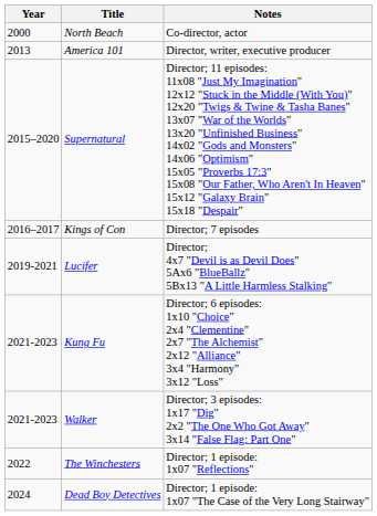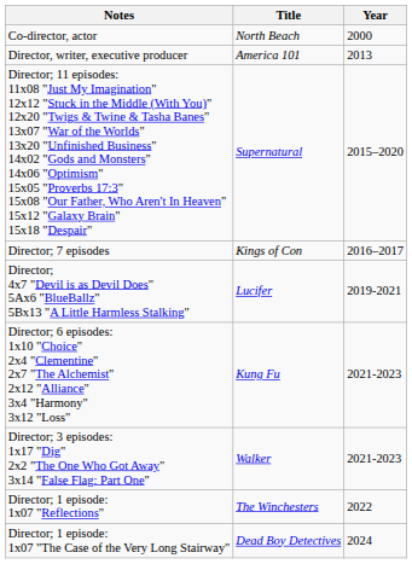 <table class = "wikitable sortable">
 <tr>
+<th class = "unsortable">Notes</th>
+<th>Title</th>
 <th>Year</th>
-<th>Title</th>
-<th class = "unsortable">Notes</th>
 </tr>
 <tr>
+<td>Co-director, actor</td>
+<td><em>North Beach</em></td>
 <td>2000</td>
-<td><em>North Beach</em></td>
-<td>Co-director, actor</td>
 </tr>
 <tr>
+<td>Director, writer, executive producer</td>
+<td><em>America 101</em></td>
 <td>2013</td>
-<td><em>America 101</em></td>
-<td>Director, writer, executive producer</td>
 </tr>
 <tr>
+<td>Director; 11 episodes:<br>11x08 "<a href='#'>Just My Imagination</a>" <br>12x12 "<a href='#'>Stuck in the Middle (With You)</a>" <br>12x20 "<a href='#'>Twigs & Twine & Tasha Banes</a>" <br>13x07 "<a href='#'>War of the Worlds</a>" <br>13x20 "<a href='#'>Unfinished Business</a>" <br>14x02 "<a href='#'>Gods and Monsters</a>" <br>14x06 "<a href='#'>Optimism</a>" <br>15x05 "<a href='#'>Proverbs 17:3</a>"<br>15x08 "<a href='#'>Our Father, Who Aren't In Heaven</a>"<br>15x12 "<a href='#'>Galaxy Brain</a>"  <br>15x18 "<a href='#'>Despair</a>"</td>
+<td><em><a href='#'>Supernatural</a></em></td>
 <td>2015–2020</td>
-<td><em><a href='#'>Supernatural</a></em></td>
-<td>Director; 11 episodes:<br>11x08 "<a href='#'>Just My Imagination</a>" <br>12x12 "<a href='#'>Stuck in the Middle (With You)</a>" <br>12x20 "<a href='#'>Twigs & Twine & Tasha Banes</a>" <br>13x07 "<a href='#'>War of the Worlds</a>" <br>13x20 "<a href='#'>Unfinished Business</a>" <br>14x02 "<a href='#'>Gods and Monsters</a>" <br>14x06 "<a href='#'>Optimism</a>" <br>15x05 "<a href='#'>Proverbs 17:3</a>"<br>15x08 "<a href='#'>Our Father, Who Aren't In Heaven</a>"<br>15x12 "<a href='#'>Galaxy Brain</a>"  <br>15x18 "<a href='#'>Despair</a>"</td>
 </tr>
 <tr>
+<td>Director; 7 episodes</td>
+<td><em>Kings of Con</em></td>
 <td>2016–2017</td>
-<td><em>Kings of Con</em></td>
-<td>Director; 7 episodes</td>
 </tr>
 <tr>
+<td>Director;  <br> 4x7 "<a href='#'>Devil is as Devil Does</a>" <br>5Ax6 "<a href='#'>BlueBallz</a>" <br>5Bx13 "<a href='#'>A Little Harmless Stalking</a>"</td>
+<td><em><a href='#'>Lucifer</a></em></td>
 <td>2019-2021</td>
-<td><em><a href='#'>Lucifer</a></em></td>
-<td>Director;  <br> 4x7 "<a href='#'>Devil is as Devil Does</a>" <br>5Ax6 "<a href='#'>BlueBallz</a>" <br>5Bx13 "<a href='#'>A Little Harmless Stalking</a>"</td>
 </tr>
 <tr>
+<td>Director; 6 episodes: <br>1x10 "<a href='#'>Choice</a>"<br>2x4 "<a href='#'>Clementine</a>"<br>2x7 "<a href='#'>The Alchemist</a>"<br>2x12 "<a href='#'>Alliance</a>"<br>3x4 "Harmony"<br>3x12 "Loss"</td>
+<td><em><a href='#'>Kung Fu</a></em></td>
 <td>2021-2023</td>
-<td><em><a href='#'>Kung Fu</a></em></td>
-<td>Director; 6 episodes: <br>1x10 "<a href='#'>Choice</a>"<br>2x4 "<a href='#'>Clementine</a>"<br>2x7 "<a href='#'>The Alchemist</a>"<br>2x12 "<a href='#'>Alliance</a>"<br>3x4 "Harmony"<br>3x12 "Loss"</td>
 </tr>
 <tr>
+<td>Director; 3 episodes: <br>1x17 "<a href='#'>Dig</a>" <br>2x2 "<a href='#'>The One Who Got Away</a>" <br>3x14 "<a href='#'>False Flag: Part One</a>"</td>
+<td><em><a href='#'>Walker</a></em></td>
 <td>2021-2023</td>
-<td><em><a href='#'>Walker</a></em></td>
-<td>Director; 3 episodes: <br>1x17 "<a href='#'>Dig</a>" <br>2x2 "<a href='#'>The One Who Got Away</a>" <br>3x14 "<a href='#'>False Flag: Part One</a>"</td>
 </tr>
 <tr>
+<td>Director; 1 episode: <br>1x07 "<a href='#'>Reflections</a>"</td>
+<td><em><a href='#'>The Winchesters</a></em></td>
 <td>2022</td>
-<td><em><a href='#'>The Winchesters</a></em></td>
-<td>Director; 1 episode: <br>1x07 "<a href='#'>Reflections</a>"</td>
 </tr>
 <tr>
+<td>Director; 1 episode: <br>1x07 "The Case of the Very Long Stairway"</td>
+<td><em><a href='#'>Dead Boy Detectives</a></em></td>
 <td>2024</td>
-<td><em><a href='#'>Dead Boy Detectives</a></em></td>
-<td>Director; 1 episode: <br>1x07 "The Case of the Very Long Stairway"</td>
 </tr>
 </table>
